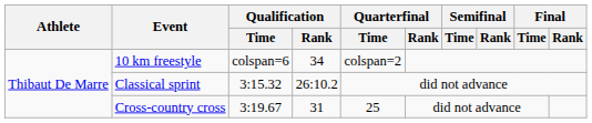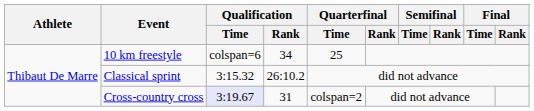 <table class="wikitable" style="font-size:90%">
 <tr>
 <th rowspan="2">Athlete</th>
 <th rowspan="2">Event</th>
 <th colspan="2">Qualification</th>
 <th colspan="2">Quarterfinal</th>
 <th colspan="2">Semifinal</th>
 <th colspan="2">Final</th>
 </tr>
 <tr style="font-size:95%">
 <th>Time</th>
 <th>Rank</th>
 <th>Time</th>
 <th>Rank</th>
 <th>Time</th>
 <th>Rank</th>
 <th>Time</th>
 <th>Rank</th>
 </tr>
 <tr align=center>
 <td align=left rowspan=3><a href='#'>Thibaut De Marre</a></td>
 <td align=left><a href='#'>10 km freestyle</a></td>
 <td>colspan=6 </td>
 <td>34</td>
-<td>colspan=2 </td>
+<td>25</td>
 </tr>
 <tr align=center>
 <td align=left><a href='#'>Classical sprint</a></td>
 <td>3:15.32</td>
 <td>26:10.2</td>
 <td colspan=6>did not advance</td>
 </tr>
 <tr align=center>
 <td align=left><a href='#'>Cross-country cross</a></td>
-<td>3:19.67</td>
+<td style="background: lavender;">3:19.67</td>
 <td>31</td>
-<td>25</td>
+<td>colspan=2 </td>
 <td colspan=4>did not advance</td>
 </tr>
 </table>
